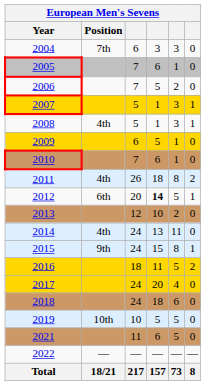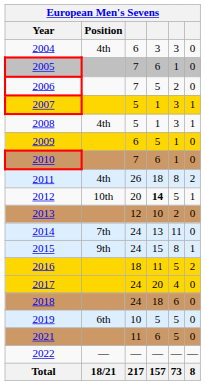 <table class="wikitable" style="text-align: center;">
 <tr>
 <th colspan=10><a href='#'>European Men's Sevens</a></th>
 </tr>
 <tr>
 <th style="width:6.5em;">Year</th>
 <th>Position</th>
 <th></th>
 <th></th>
 <th></th>
 <th></th>
 </tr>
 <tr>
 <td> <a href='#'>2004</a></td>
-<td>7th</td>
+<td>4th</td>
 <td>6</td>
 <td>3</td>
 <td>3</td>
 <td>0</td>
 </tr>
 <tr bgcolor=silver>
 <td style="border: 3px solid red"> <a href='#'>2005</a></td>
 <td></td>
 <td>7</td>
 <td>6</td>
 <td>1</td>
 <td>0</td>
 </tr>
 <tr>
 <td style="border: 3px solid red"> <a href='#'>2006</a></td>
 <td></td>
 <td>7</td>
 <td>5</td>
 <td>2</td>
 <td>0</td>
 </tr>
 <tr bgcolor=gold>
 <td style="border: 3px solid red"> <a href='#'>2007</a></td>
 <td></td>
 <td>5</td>
 <td>1</td>
 <td>3</td>
 <td>1</td>
 </tr>
 <tr>
 <td> <a href='#'>2008</a></td>
 <td>4th</td>
 <td>5</td>
 <td>1</td>
 <td>3</td>
 <td>1</td>
 </tr>
 <tr bgcolor=gold>
 <td> <a href='#'>2009</a></td>
 <td></td>
 <td>6</td>
 <td>5</td>
 <td>1</td>
 <td>0</td>
 </tr>
 <tr bgcolor=#cc9966>
 <td style="border: 3px solid red"> <a href='#'>2010</a></td>
 <td></td>
 <td>7</td>
 <td>6</td>
 <td>1</td>
 <td>0</td>
 </tr>
 <tr bgcolor=#ddeeff>
 <td><a href='#'>2011</a></td>
 <td>4th</td>
 <td>26</td>
 <td>18</td>
 <td>8</td>
 <td>2</td>
 </tr>
 <tr>
 <td><a href='#'>2012</a></td>
-<td>6th</td>
+<td>10th</td>
 <td>20</td>
 <td><strong>14</strong></td>
 <td>5</td>
 <td>1</td>
 </tr>
 <tr bgcolor=#cc9966>
 <td><a href='#'>2013</a></td>
 <td></td>
 <td>12</td>
 <td>10</td>
 <td>2</td>
 <td>0</td>
 </tr>
 <tr bgcolor=#ddeeff>
 <td><a href='#'>2014</a></td>
-<td>4th</td>
+<td>7th</td>
 <td>24</td>
 <td>13</td>
 <td>11</td>
 <td>0</td>
 </tr>
 <tr bgcolor=#ddeeff>
 <td><a href='#'>2015</a></td>
 <td>9th</td>
 <td>24</td>
 <td>15</td>
 <td>8</td>
 <td>1</td>
 </tr>
 <tr bgcolor=gold>
 <td><a href='#'>2016</a></td>
 <td></td>
 <td>18</td>
 <td>11</td>
 <td>5</td>
 <td>2</td>
 </tr>
 <tr bgcolor=gold>
 <td><a href='#'>2017</a></td>
 <td></td>
 <td>24</td>
 <td>20</td>
 <td>4</td>
 <td>0</td>
 </tr>
 <tr bgcolor=#cc9966>
 <td><a href='#'>2018</a></td>
 <td></td>
 <td>24</td>
 <td>18</td>
 <td>6</td>
 <td>0</td>
 </tr>
 <tr bgcolor=#ddeeff>
 <td><a href='#'>2019</a></td>
-<td>10th</td>
+<td>6th</td>
 <td>10</td>
 <td>5</td>
 <td>5</td>
 <td>0</td>
 </tr>
 <tr bgcolor=#cc9966>
 <td><a href='#'>2021</a></td>
 <td></td>
 <td>11</td>
 <td>6</td>
 <td>5</td>
 <td>0</td>
 </tr>
 <tr>
 <td><a href='#'>2022</a></td>
 <td>—</td>
 <td>—</td>
 <td>—</td>
 <td>—</td>
 <td>—</td>
 </tr>
 <tr>
 <th>Total</th>
 <th>18/21</th>
 <th>217</th>
 <th>157</th>
 <th>73</th>
 <th>8</th>
 </tr>
 </table>
